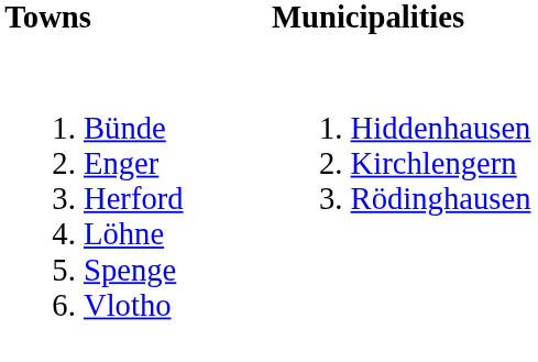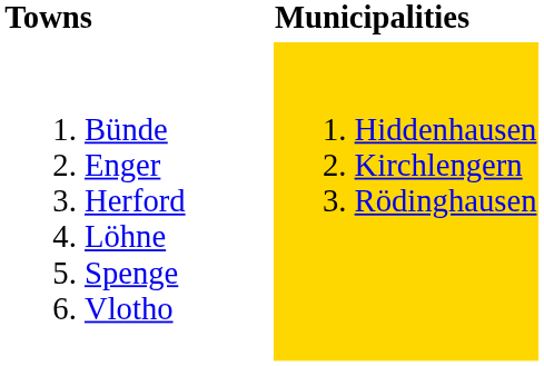 <table>
 <tr>
 <th align=left width=50%>Towns</th>
 <th align=left width=50%>Municipalities</th>
 </tr>
 <tr valign=top>
 <td><br><ol><li><a href='#'>Bünde</a></li><li><a href='#'>Enger</a></li><li><a href='#'>Herford</a></li><li><a href='#'>Löhne</a></li><li><a href='#'>Spenge</a></li><li><a href='#'>Vlotho</a></li></ol></td>
-<td><br><ol><li><a href='#'>Hiddenhausen</a></li><li><a href='#'>Kirchlengern</a></li><li><a href='#'>Rödinghausen</a></li></ol></td>
+<td style="background: gold;"><br><ol><li><a href='#'>Hiddenhausen</a></li><li><a href='#'>Kirchlengern</a></li><li><a href='#'>Rödinghausen</a></li></ol></td>
 </tr>
 </table>
